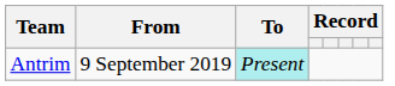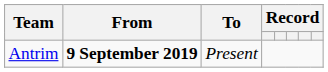 <table class=wikitable style="text-align: center">
 <tr>
 <th rowspan=2>Team</th>
 <th rowspan=2>From</th>
 <th rowspan=2>To</th>
 <th colspan=5>Record</th>
 </tr>
 <tr>
 <th></th>
 <th></th>
 <th></th>
 <th></th>
 <th></th>
 </tr>
 <tr>
 <td align=left><a href='#'>Antrim</a></td>
-<td align=left>9 September 2019</td>
-<td align=left style="background: paleturquoise;"><em>Present</em><br></td>
+<td align=left><strong>9 September 2019</strong></td>
+<td align=left><em>Present</em><br></td>
 </tr>
 </table>
